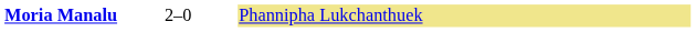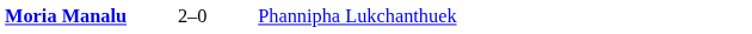 <table>
 <tr>
 <th width=400></th>
 <th width=100></th>
 <th width=400></th>
 </tr>
 <tr>
 <td align=right><strong><a href='#'>Moria Manalu</a> </strong></td>
 <td align=center>2–0</td>
-<td style="background: khaki;"> <a href='#'>Phannipha Lukchanthuek</a></td>
+<td> <a href='#'>Phannipha Lukchanthuek</a></td>
 </tr>
 </table>
